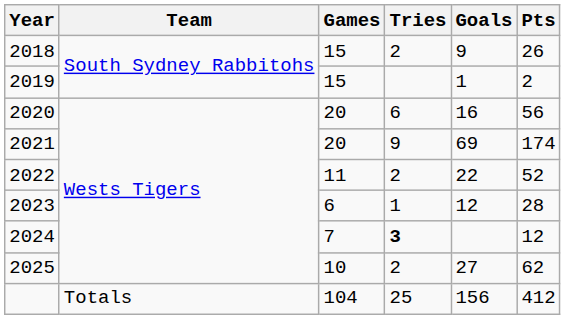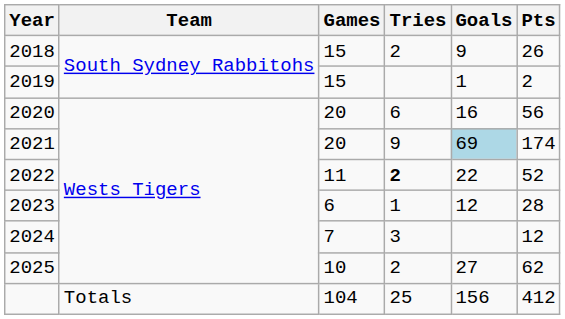 <table class="wikitable">
 <tr>
 <th>Year</th>
 <th>Team</th>
 <th>Games</th>
 <th>Tries</th>
 <th>Goals</th>
 <th>Pts</th>
 </tr>
 <tr>
 <td>2018</td>
 <td rowspan="2"> <a href='#'>South Sydney Rabbitohs</a></td>
 <td>15</td>
 <td>2</td>
 <td>9</td>
 <td>26</td>
 </tr>
 <tr>
 <td>2019</td>
 <td>15</td>
 <td></td>
 <td>1</td>
 <td>2</td>
 </tr>
 <tr>
 <td>2020</td>
 <td rowspan="6"> <a href='#'>Wests Tigers</a></td>
 <td>20</td>
 <td>6</td>
 <td>16</td>
 <td>56</td>
 </tr>
 <tr>
 <td>2021</td>
 <td>20</td>
 <td>9</td>
-<td>69</td>
+<td style="background: lightblue;">69</td>
 <td>174</td>
 </tr>
 <tr>
 <td>2022</td>
 <td>11</td>
-<td>2</td>
+<td><strong>2</strong></td>
 <td>22</td>
 <td>52</td>
 </tr>
 <tr>
 <td>2023</td>
 <td>6</td>
 <td>1</td>
 <td>12</td>
 <td>28</td>
 </tr>
 <tr>
 <td>2024</td>
 <td>7</td>
-<td><strong>3</strong></td>
+<td>3</td>
 <td></td>
 <td>12</td>
 </tr>
 <tr>
 <td>2025</td>
 <td>10</td>
 <td>2</td>
 <td>27</td>
 <td>62</td>
 </tr>
 <tr>
 <td></td>
 <td>Totals</td>
 <td>104</td>
 <td>25</td>
 <td>156</td>
 <td>412</td>
 </tr>
 </table>
